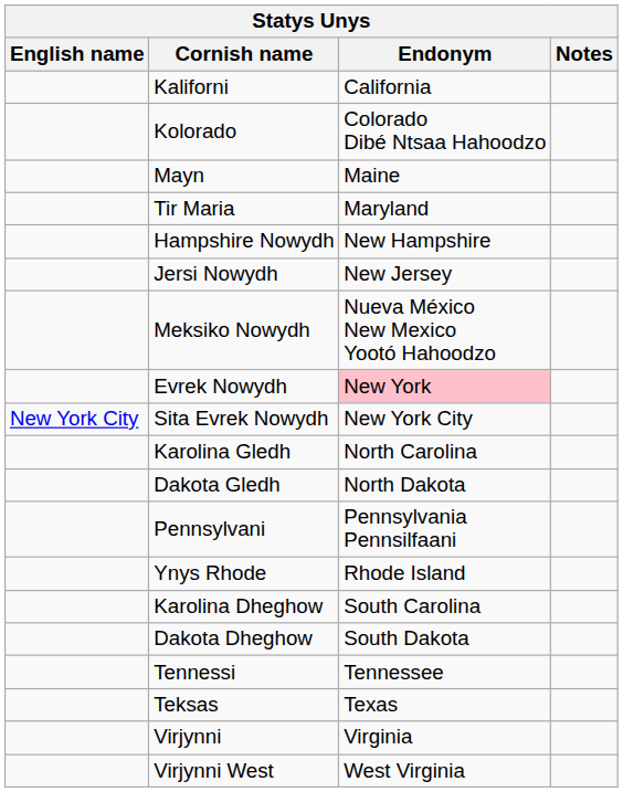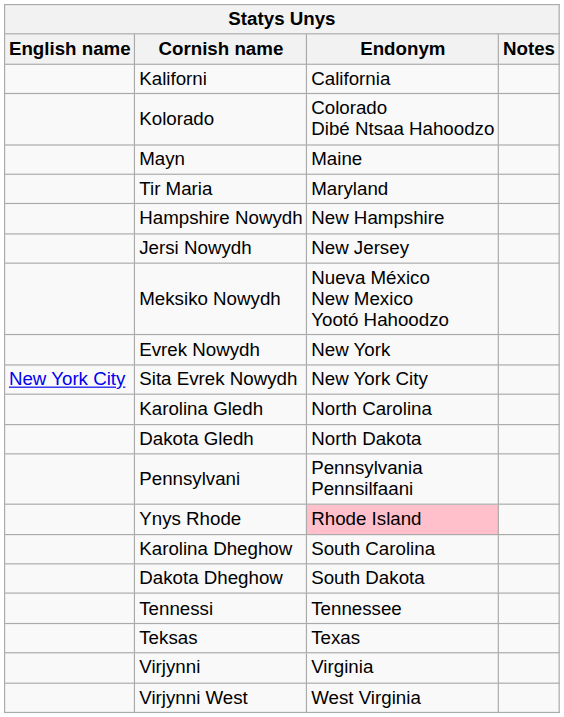 <table class="wikitable sortable">
 <tr>
 <th colspan="24"> Statys Unys</th>
 </tr>
 <tr>
 <th>English name</th>
 <th>Cornish name</th>
 <th>Endonym</th>
 <th>Notes</th>
 </tr>
 <tr>
 <td></td>
 <td>Kaliforni</td>
 <td>California</td>
 <td></td>
 </tr>
 <tr>
 <td></td>
 <td>Kolorado</td>
 <td>Colorado<br>Dibé Ntsaa Hahoodzo</td>
 <td></td>
 </tr>
 <tr>
 <td></td>
 <td>Mayn</td>
 <td>Maine</td>
 <td></td>
 </tr>
 <tr>
 <td></td>
 <td>Tir Maria</td>
 <td>Maryland</td>
 <td></td>
 </tr>
 <tr>
 <td></td>
 <td>Hampshire Nowydh</td>
 <td>New Hampshire</td>
 <td></td>
 </tr>
 <tr>
 <td></td>
 <td>Jersi Nowydh</td>
 <td>New Jersey</td>
 <td></td>
 </tr>
 <tr>
 <td></td>
 <td>Meksiko Nowydh</td>
 <td>Nueva México<br>New Mexico<br>Yootó Hahoodzo</td>
 <td></td>
 </tr>
 <tr>
 <td></td>
 <td>Evrek Nowydh</td>
-<td style="background: pink;">New York</td>
+<td>New York</td>
 <td></td>
 </tr>
 <tr>
 <td><a href='#'>New York City</a></td>
 <td>Sita Evrek Nowydh</td>
 <td>New York City</td>
 <td></td>
 </tr>
 <tr>
 <td></td>
 <td>Karolina Gledh</td>
 <td>North Carolina</td>
 <td></td>
 </tr>
 <tr>
 <td></td>
 <td>Dakota Gledh</td>
 <td>North Dakota</td>
 <td></td>
 </tr>
 <tr>
 <td></td>
 <td>Pennsylvani</td>
 <td>Pennsylvania<br>Pennsilfaani</td>
 <td></td>
 </tr>
 <tr>
 <td></td>
 <td>Ynys Rhode</td>
-<td>Rhode Island</td>
+<td style="background: pink;">Rhode Island</td>
 <td></td>
 </tr>
 <tr>
 <td></td>
 <td>Karolina Dheghow</td>
 <td>South Carolina</td>
 <td></td>
 </tr>
 <tr>
 <td></td>
 <td>Dakota Dheghow</td>
 <td>South Dakota</td>
 <td></td>
 </tr>
 <tr>
 <td></td>
 <td>Tennessi</td>
 <td>Tennessee</td>
 <td></td>
 </tr>
 <tr>
 <td></td>
 <td>Teksas</td>
 <td>Texas</td>
 <td></td>
 </tr>
 <tr>
 <td></td>
 <td>Virjynni</td>
 <td>Virginia</td>
 <td></td>
 </tr>
 <tr>
 <td></td>
 <td>Virjynni West</td>
 <td>West Virginia</td>
 <td></td>
 </tr>
 </table>
